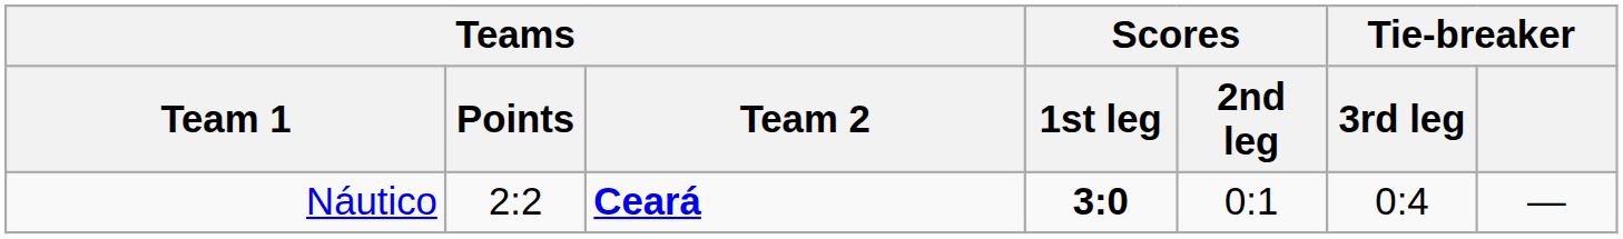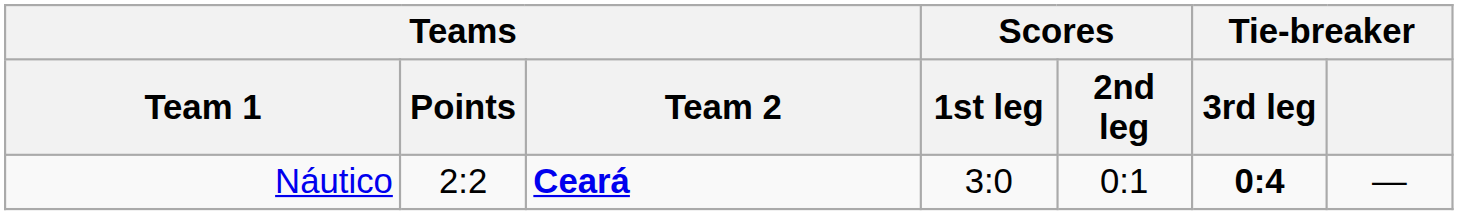 <table class="wikitable" style="text-align:center;">
 <tr>
 <th colspan=3>Teams</th>
 <th colspan=2>Scores</th>
 <th colspan=2>Tie-breaker</th>
 </tr>
 <tr>
 <th width="175">Team 1</th>
 <th width="50">Points</th>
 <th width="175">Team 2</th>
 <th width="55">1st leg</th>
 <th width="55">2nd leg</th>
 <th width="55">3rd leg</th>
 <th width="50"></th>
 </tr>
 <tr>
 <td align=right><a href='#'>Náutico</a> </td>
 <td>2:2</td>
 <td align=left> <strong><a href='#'>Ceará</a></strong></td>
-<td><strong>3:0</strong></td>
+<td>3:0</td>
 <td>0:1</td>
-<td>0:4</td>
+<td><strong>0:4</strong></td>
 <td>—</td>
 </tr>
 </table>
